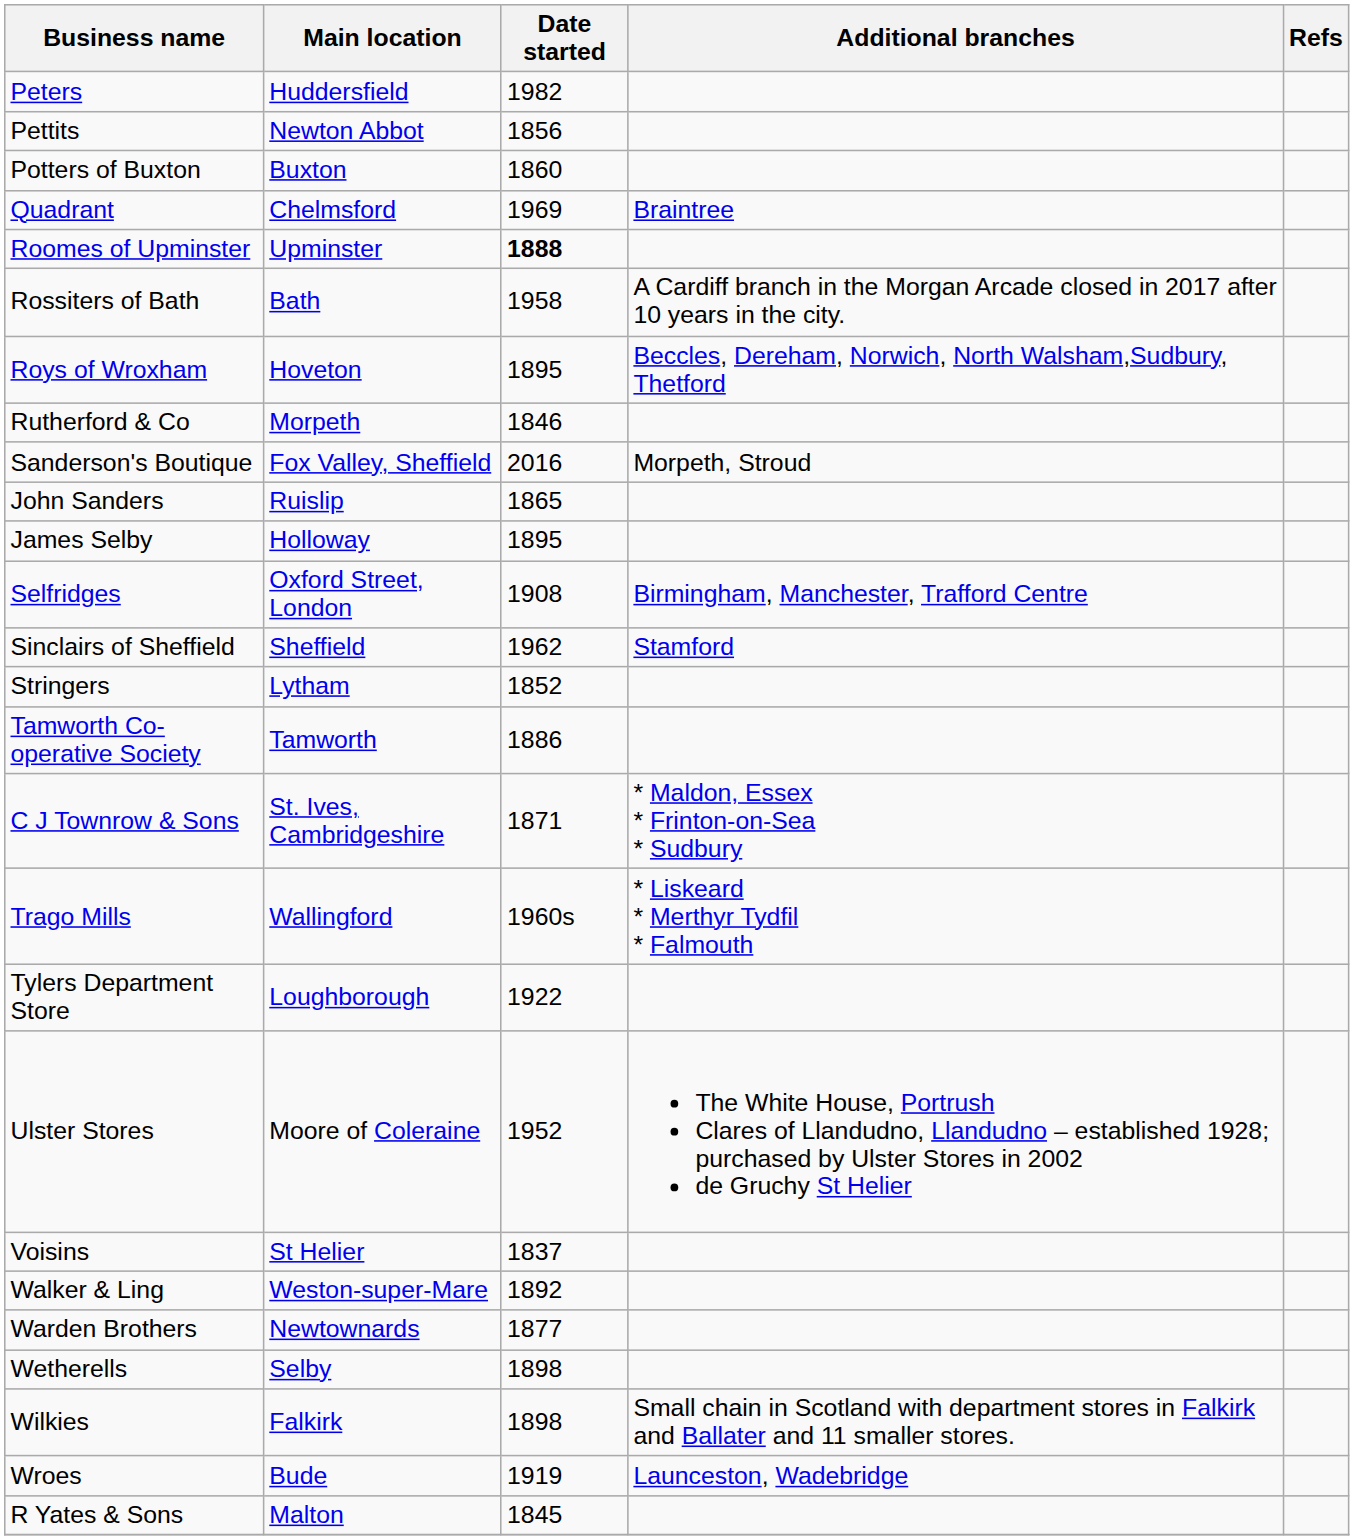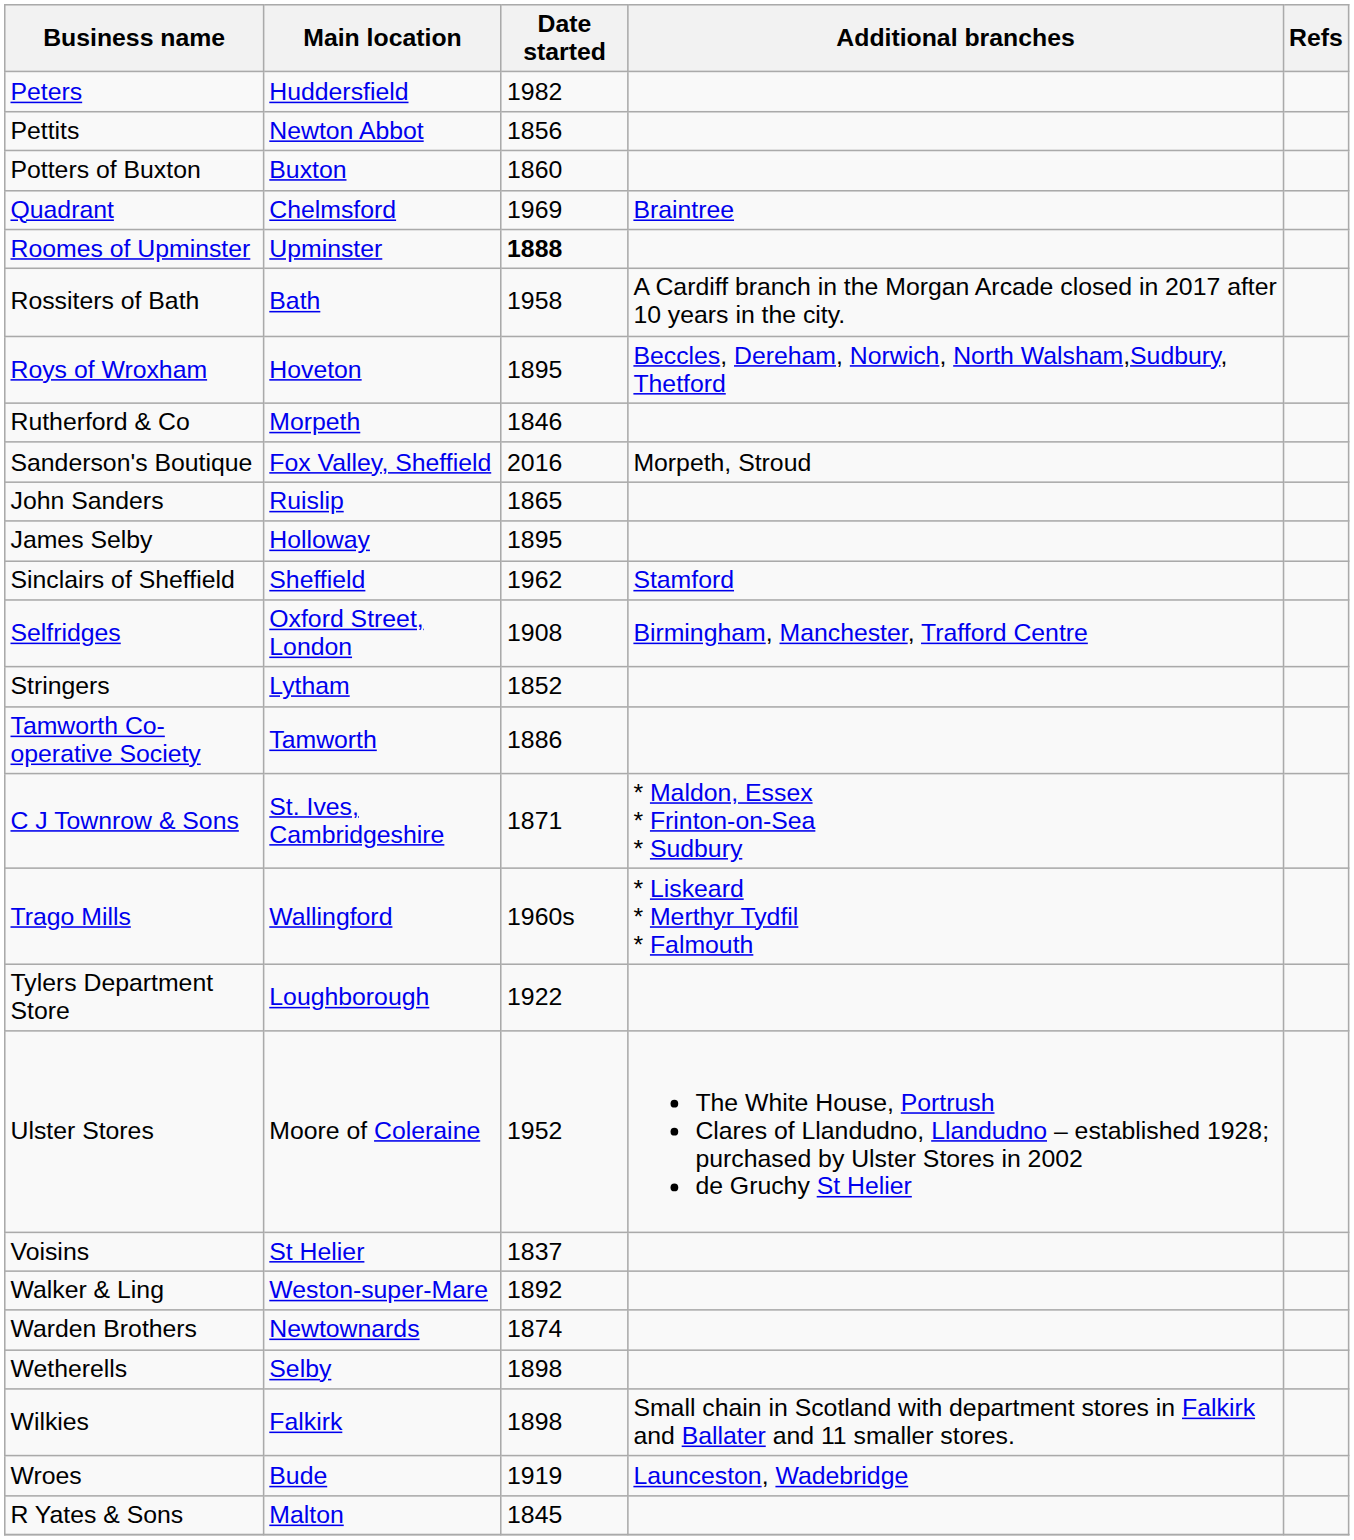 <table class="wikitable sortable">
 <tr>
 <th>Business name</th>
 <th>Main location</th>
 <th>Date started</th>
 <th>Additional branches</th>
 <th>Refs</th>
 </tr>
 <tr>
 <td><a href='#'>Peters</a></td>
 <td><a href='#'>Huddersfield</a></td>
 <td>1982</td>
 <td></td>
 <td></td>
 </tr>
 <tr>
 <td>Pettits</td>
 <td><a href='#'>Newton Abbot</a></td>
 <td>1856</td>
 <td></td>
 <td></td>
 </tr>
 <tr>
 <td>Potters of Buxton</td>
 <td><a href='#'>Buxton</a></td>
 <td>1860</td>
 <td></td>
 <td></td>
 </tr>
 <tr>
 <td><a href='#'>Quadrant</a></td>
 <td><a href='#'>Chelmsford</a></td>
 <td>1969</td>
 <td><a href='#'>Braintree</a></td>
 <td></td>
 </tr>
 <tr>
 <td><a href='#'>Roomes of Upminster</a></td>
 <td><a href='#'>Upminster</a></td>
 <td><strong>1888</strong></td>
 <td></td>
 <td></td>
 </tr>
 <tr>
 <td>Rossiters of Bath</td>
 <td><a href='#'>Bath</a></td>
 <td>1958</td>
 <td>A Cardiff branch in the Morgan Arcade closed in 2017 after 10 years in the city.</td>
 <td></td>
 </tr>
 <tr>
 <td><a href='#'>Roys of Wroxham</a></td>
 <td><a href='#'>Hoveton</a></td>
 <td>1895</td>
 <td><a href='#'>Beccles</a>, <a href='#'>Dereham</a>, <a href='#'>Norwich</a>, <a href='#'>North Walsham</a>,<a href='#'>Sudbury</a>, <a href='#'>Thetford</a></td>
 <td></td>
 </tr>
 <tr>
 <td>Rutherford & Co</td>
 <td><a href='#'>Morpeth</a></td>
 <td>1846</td>
 <td></td>
 <td></td>
 </tr>
 <tr>
 <td>Sanderson's Boutique</td>
 <td><a href='#'>Fox Valley, Sheffield</a></td>
 <td>2016</td>
 <td>Morpeth, Stroud</td>
 <td></td>
 </tr>
 <tr>
 <td>John Sanders</td>
 <td><a href='#'>Ruislip</a></td>
 <td>1865</td>
 <td></td>
 <td></td>
 </tr>
 <tr>
 <td>James Selby</td>
 <td><a href='#'>Holloway</a></td>
 <td>1895</td>
 <td></td>
 <td></td>
 </tr>
 <tr>
+<td>Sinclairs of Sheffield</td>
+<td><a href='#'>Sheffield</a></td>
+<td>1962</td>
+<td><a href='#'>Stamford</a></td>
+<td></td>
+</tr>
+<tr>
 <td><a href='#'>Selfridges</a></td>
 <td><a href='#'>Oxford Street, London</a></td>
 <td>1908</td>
 <td><a href='#'>Birmingham</a>, <a href='#'>Manchester</a>, <a href='#'>Trafford Centre</a></td>
-<td></td>
-</tr>
-<tr>
-<td>Sinclairs of Sheffield</td>
-<td><a href='#'>Sheffield</a></td>
-<td>1962</td>
-<td><a href='#'>Stamford</a></td>
 <td></td>
 </tr>
 <tr>
 <td>Stringers</td>
 <td><a href='#'>Lytham</a></td>
 <td>1852</td>
 <td></td>
 <td></td>
 </tr>
 <tr>
 <td><a href='#'>Tamworth Co-operative Society</a></td>
 <td><a href='#'>Tamworth</a></td>
 <td>1886</td>
 <td></td>
 <td></td>
 </tr>
 <tr>
 <td><a href='#'>C J Townrow & Sons</a></td>
 <td><a href='#'>St. Ives, Cambridgeshire</a></td>
 <td>1871</td>
 <td>* <a href='#'>Maldon, Essex</a><br> * <a href='#'>Frinton-on-Sea</a><br> * <a href='#'>Sudbury</a></td>
 <td></td>
 </tr>
 <tr>
 <td><a href='#'>Trago Mills</a></td>
 <td><a href='#'>Wallingford</a></td>
 <td>1960s</td>
 <td>* <a href='#'>Liskeard</a><br> * <a href='#'>Merthyr Tydfil</a><br> * <a href='#'>Falmouth</a></td>
 <td></td>
 </tr>
 <tr>
 <td>Tylers Department Store</td>
 <td><a href='#'>Loughborough</a></td>
 <td>1922</td>
 <td></td>
 <td></td>
 </tr>
 <tr>
 <td>Ulster Stores</td>
 <td>Moore of <a href='#'>Coleraine</a></td>
 <td>1952</td>
 <td><br><ul><li>The White House, <a href='#'>Portrush</a></li><li>Clares of Llandudno, <a href='#'>Llandudno</a> – established 1928; purchased by Ulster Stores in 2002</li><li>de Gruchy <a href='#'>St Helier</a></li></ul></td>
 <td></td>
 </tr>
 <tr>
 <td>Voisins</td>
 <td><a href='#'>St Helier</a></td>
 <td>1837</td>
 <td></td>
 <td></td>
 </tr>
 <tr>
 <td>Walker & Ling</td>
 <td><a href='#'>Weston-super-Mare</a></td>
 <td>1892</td>
 <td></td>
 <td></td>
 </tr>
 <tr>
 <td>Warden Brothers</td>
 <td><a href='#'>Newtownards</a></td>
-<td>1877</td>
+<td>1874</td>
 <td></td>
 <td></td>
 </tr>
 <tr>
 <td>Wetherells</td>
 <td><a href='#'>Selby</a></td>
 <td>1898</td>
 <td></td>
 <td></td>
 </tr>
 <tr>
 <td>Wilkies</td>
 <td><a href='#'>Falkirk</a></td>
 <td>1898</td>
 <td>Small chain in Scotland with department stores in <a href='#'>Falkirk</a> and <a href='#'>Ballater</a> and 11 smaller stores.</td>
 <td></td>
 </tr>
 <tr>
 <td>Wroes</td>
 <td><a href='#'>Bude</a></td>
 <td>1919</td>
 <td><a href='#'>Launceston</a>, <a href='#'>Wadebridge</a></td>
 <td></td>
 </tr>
 <tr>
 <td>R Yates & Sons</td>
 <td><a href='#'>Malton</a></td>
 <td>1845</td>
 <td></td>
 <td></td>
 </tr>
 <tr>
 </tr>
 </table>
